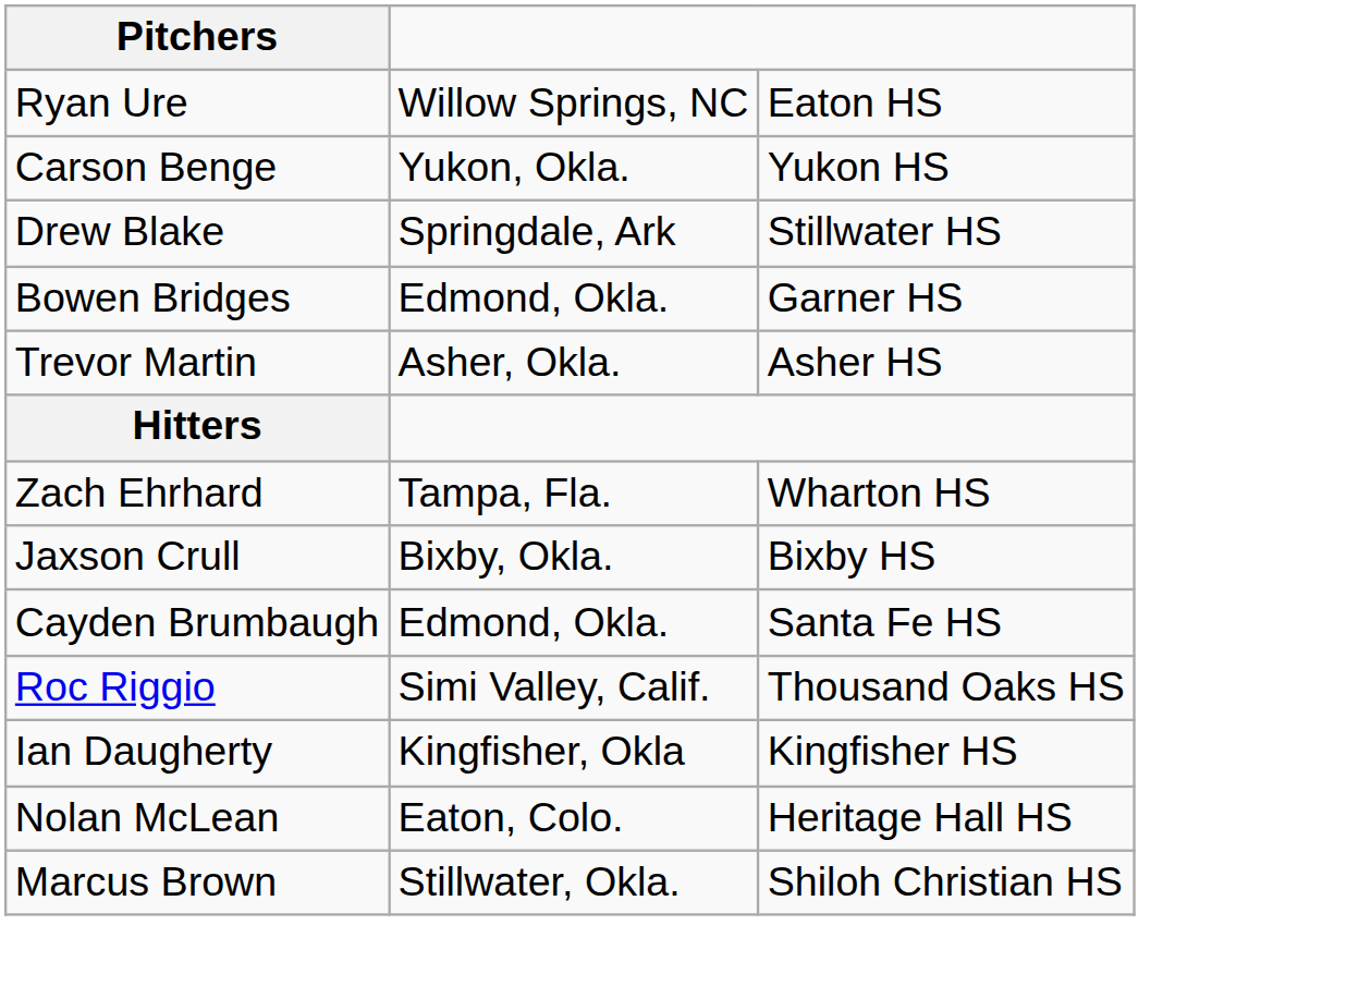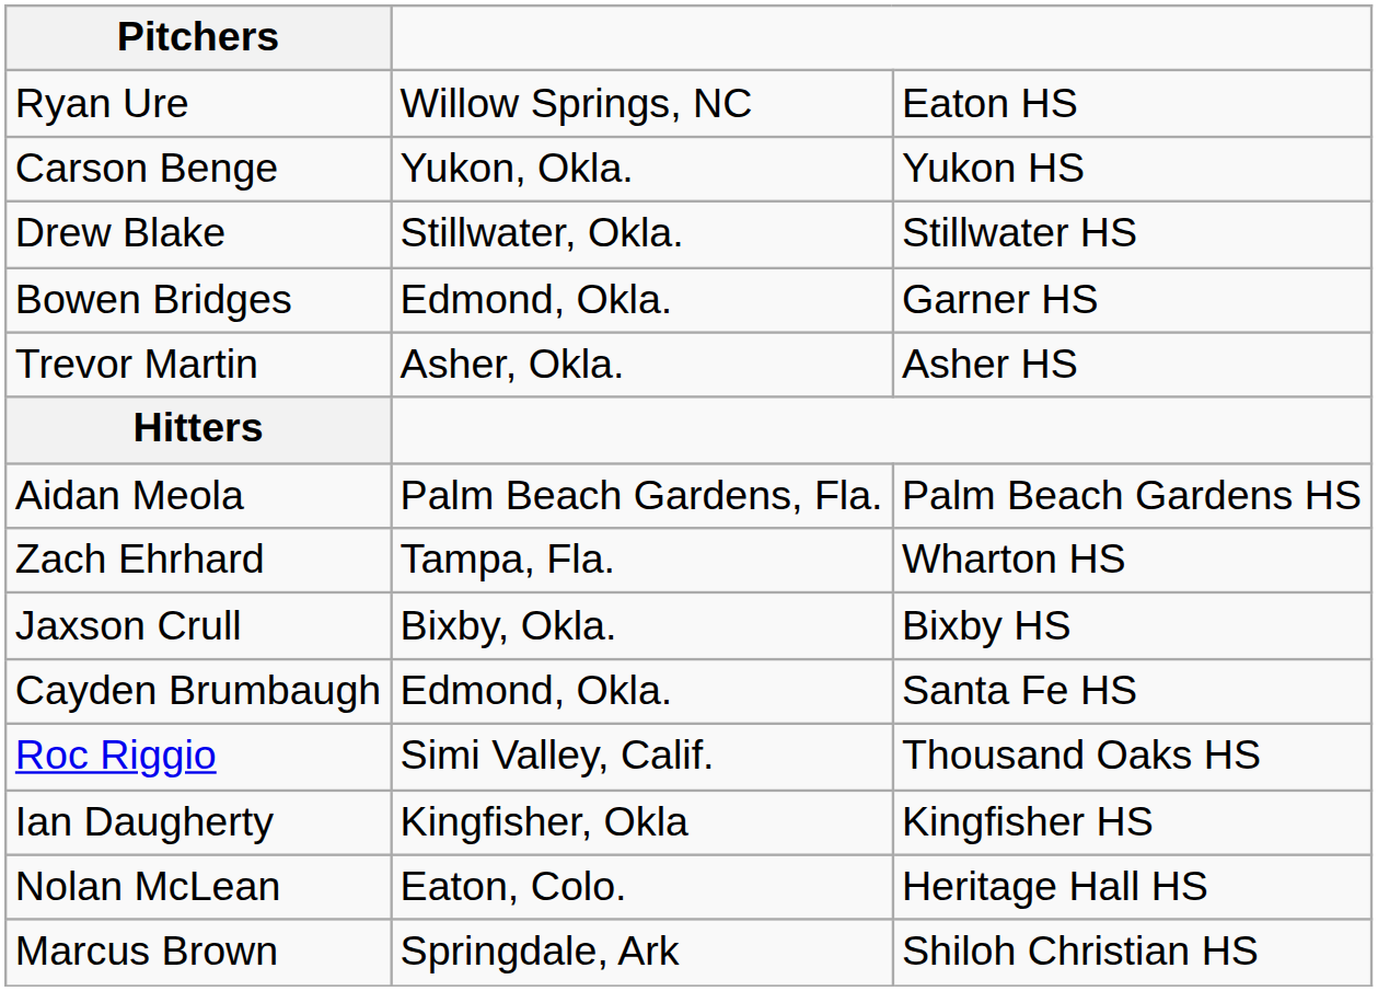 <table class="wikitable">
 <tr>
 <th>Pitchers</th>
 </tr>
 <tr>
 <td>Ryan Ure</td>
 <td>Willow Springs, NC</td>
 <td>Eaton HS</td>
 </tr>
 <tr>
 <td>Carson Benge</td>
 <td>Yukon, Okla.</td>
 <td>Yukon HS</td>
 </tr>
 <tr>
 <td>Drew Blake</td>
-<td>Springdale, Ark</td>
+<td>Stillwater, Okla.</td>
 <td>Stillwater HS</td>
 </tr>
 <tr>
 <td>Bowen Bridges</td>
 <td>Edmond, Okla.</td>
 <td>Garner HS</td>
 </tr>
 <tr>
 <td>Trevor Martin</td>
 <td>Asher, Okla.</td>
 <td>Asher HS</td>
 </tr>
 <tr>
 <th>Hitters</th>
+</tr>
+<tr>
+<td>Aidan Meola</td>
+<td>Palm Beach Gardens, Fla.</td>
+<td>Palm Beach Gardens HS</td>
 </tr>
 <tr>
 <td>Zach Ehrhard</td>
 <td>Tampa, Fla.</td>
 <td>Wharton HS</td>
 </tr>
 <tr>
 <td>Jaxson Crull</td>
 <td>Bixby, Okla.</td>
 <td>Bixby HS</td>
 </tr>
 <tr>
 <td>Cayden Brumbaugh</td>
 <td>Edmond, Okla.</td>
 <td>Santa Fe HS</td>
 </tr>
 <tr>
 <td><a href='#'>Roc Riggio</a></td>
 <td>Simi Valley, Calif.</td>
 <td>Thousand Oaks HS</td>
 </tr>
 <tr>
 <td>Ian Daugherty</td>
 <td>Kingfisher, Okla</td>
 <td>Kingfisher HS</td>
 </tr>
 <tr>
 <td>Nolan McLean</td>
 <td>Eaton, Colo.</td>
 <td>Heritage Hall HS</td>
 </tr>
 <tr>
 <td>Marcus Brown</td>
-<td>Stillwater, Okla.</td>
+<td>Springdale, Ark</td>
 <td>Shiloh Christian HS</td>
 </tr>
 </table>
